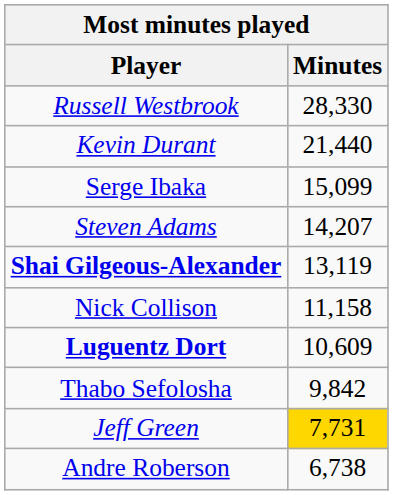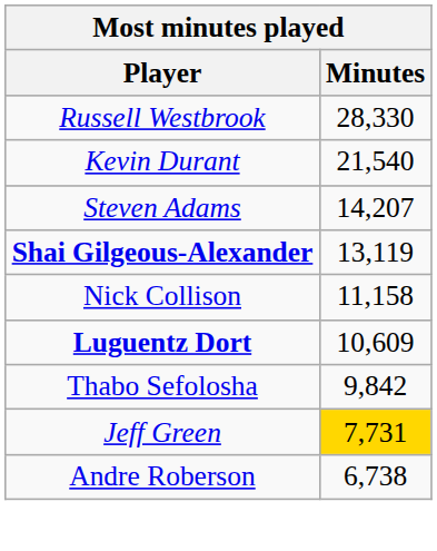 <table class="wikitable sortable" style="text-align:center">
 <tr>
 <th colspan="2" style="text-align:center; ">Most minutes played</th>
 </tr>
 <tr>
 <th style="text-align:center; ">Player</th>
 <th style="text-align:center; ">Minutes</th>
 </tr>
 <tr>
 <td><em><a href='#'>Russell Westbrook</a></em></td>
 <td>28,330</td>
 </tr>
 <tr>
 <td><em><a href='#'>Kevin Durant</a></em></td>
-<td>21,440</td>
-</tr>
-<tr>
-<td><a href='#'>Serge Ibaka</a></td>
-<td>15,099</td>
+<td>21,540</td>
 </tr>
 <tr>
 <td><em><a href='#'>Steven Adams</a></em></td>
 <td>14,207</td>
 </tr>
 <tr>
 <td><strong><a href='#'>Shai Gilgeous-Alexander</a></strong></td>
 <td>13,119</td>
 </tr>
 <tr>
 <td><a href='#'>Nick Collison</a></td>
 <td>11,158</td>
 </tr>
 <tr>
 <td><strong><a href='#'>Luguentz Dort</a></strong></td>
 <td>10,609</td>
 </tr>
 <tr>
 <td><a href='#'>Thabo Sefolosha</a></td>
 <td>9,842</td>
 </tr>
 <tr>
 <td><em><a href='#'>Jeff Green</a></em></td>
 <td style="background: gold;">7,731</td>
 </tr>
 <tr>
 <td><a href='#'>Andre Roberson</a></td>
 <td>6,738</td>
 </tr>
 </table>
